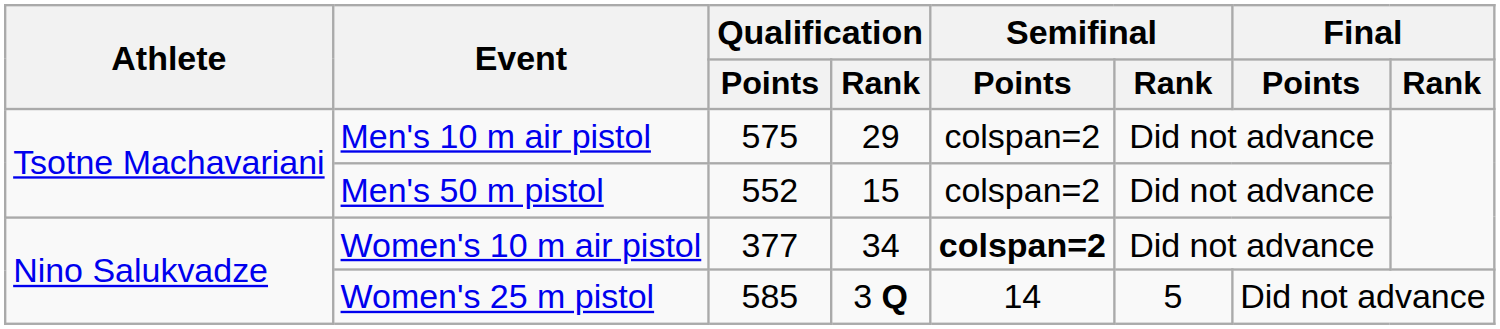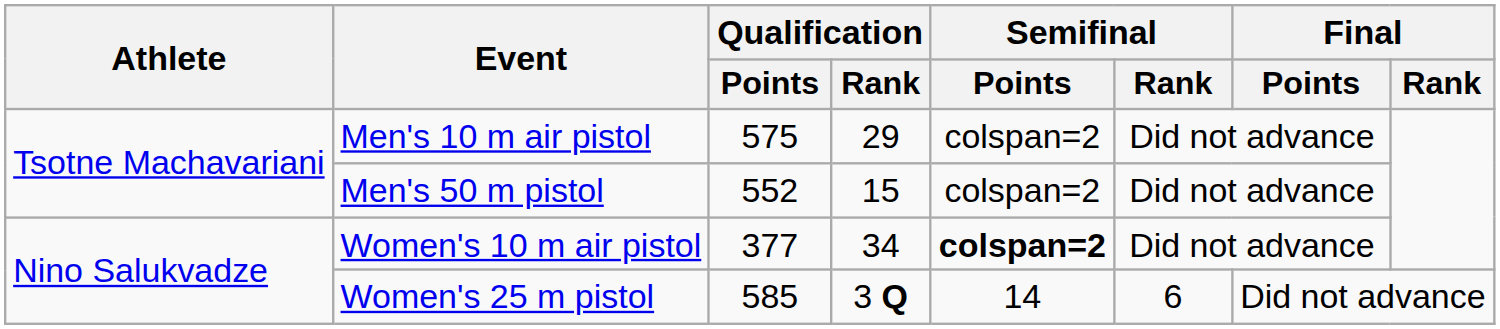 <table class="wikitable" style="font-size:90%">
 <tr>
 <th rowspan="2">Athlete</th>
 <th rowspan="2">Event</th>
 <th colspan=2>Qualification</th>
 <th colspan=2>Semifinal</th>
 <th colspan=2>Final</th>
 </tr>
 <tr style="font-size:95%">
 <th>Points</th>
 <th>Rank</th>
 <th>Points</th>
 <th>Rank</th>
 <th>Points</th>
 <th>Rank</th>
 </tr>
 <tr align=center>
 <td align=left rowspan=2><a href='#'>Tsotne Machavariani</a></td>
 <td align=left><a href='#'>Men's 10 m air pistol</a></td>
 <td>575</td>
 <td>29</td>
 <td>colspan=2 </td>
 <td colspan=2>Did not advance</td>
 </tr>
 <tr align=center>
 <td align=left><a href='#'>Men's 50 m pistol</a></td>
 <td>552</td>
 <td>15</td>
 <td>colspan=2 </td>
 <td colspan=2>Did not advance</td>
 </tr>
 <tr align=center>
 <td align=left rowspan=2><a href='#'>Nino Salukvadze</a></td>
 <td align=left><a href='#'>Women's 10 m air pistol</a></td>
 <td>377</td>
 <td>34</td>
 <td><strong>colspan=2 </strong></td>
 <td colspan=2>Did not advance</td>
 </tr>
 <tr align=center>
 <td align=left><a href='#'>Women's 25 m pistol</a></td>
 <td>585</td>
 <td>3 <strong>Q</strong></td>
 <td>14</td>
-<td>5</td>
+<td>6</td>
 <td colspan=2>Did not advance</td>
 </tr>
 </table>
